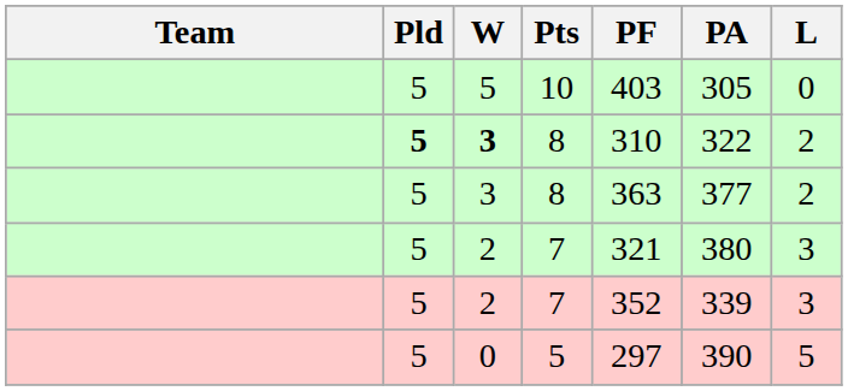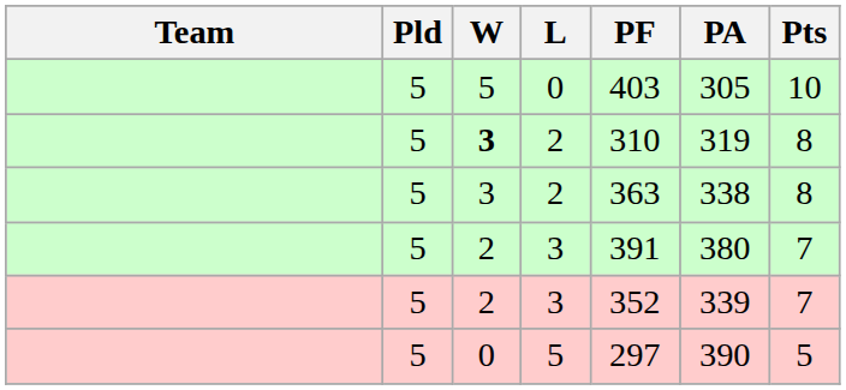 <table class="wikitable" style="text-align:center;">
 <tr>
 <th width=170>Team</th>
 <th width=25>Pld</th>
 <th width=25>W</th>
-<th width=25>Pts</th>
+<th width=25>L</th>
 <th width=35>PF</th>
 <th width=35>PA</th>
-<th width=25>L</th>
+<th width=25>Pts</th>
 </tr>
 <tr style="background:#ccffcc">
 <td style="text-align:left"></td>
 <td>5</td>
 <td>5</td>
-<td>10</td>
+<td>0</td>
 <td>403</td>
 <td>305</td>
-<td>0</td>
+<td>10</td>
 </tr>
 <tr style="background:#ccffcc">
 <td style="text-align:left"></td>
-<td><strong>5</strong></td>
+<td>5</td>
 <td><strong>3</strong></td>
+<td>2</td>
+<td>310</td>
+<td>319</td>
 <td>8</td>
-<td>310</td>
-<td>322</td>
-<td>2</td>
 </tr>
 <tr style="background:#ccffcc">
 <td style="text-align:left"></td>
 <td>5</td>
 <td>3</td>
+<td>2</td>
+<td>363</td>
+<td>338</td>
 <td>8</td>
-<td>363</td>
-<td>377</td>
-<td>2</td>
 </tr>
 <tr style="background:#ccffcc">
 <td style="text-align:left"></td>
 <td>5</td>
 <td>2</td>
+<td>3</td>
+<td>391</td>
+<td>380</td>
 <td>7</td>
-<td>321</td>
-<td>380</td>
-<td>3</td>
 </tr>
 <tr style="background:#ffcccc">
 <td style="text-align:left"></td>
 <td>5</td>
 <td>2</td>
-<td>7</td>
+<td>3</td>
 <td>352</td>
 <td>339</td>
-<td>3</td>
+<td>7</td>
 </tr>
 <tr style="background:#ffcccc">
 <td style="text-align:left"></td>
 <td>5</td>
 <td>0</td>
 <td>5</td>
 <td>297</td>
 <td>390</td>
 <td>5</td>
 </tr>
 </table>
